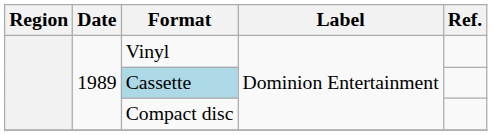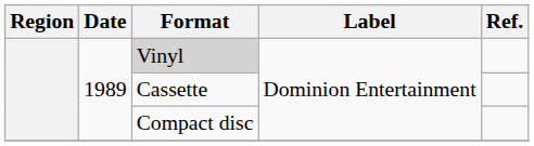 <table class="wikitable plainrowheaders">
 <tr>
 <th scope="col">Region</th>
 <th scope="col">Date</th>
 <th scope="col">Format</th>
 <th scope="col">Label</th>
 <th scope="col">Ref.</th>
 </tr>
 <tr>
 <th scope="row" rowspan="3"></th>
 <td rowspan="3">1989</td>
-<td>Vinyl</td>
+<td style="background: lightgrey;">Vinyl</td>
 <td rowspan="3">Dominion Entertainment</td>
 <td></td>
 </tr>
 <tr>
-<td style="background: lightblue;">Cassette</td>
+<td>Cassette</td>
 <td></td>
 </tr>
 <tr>
 <td>Compact disc</td>
 <td></td>
 </tr>
 <tr>
 </tr>
 </table>
